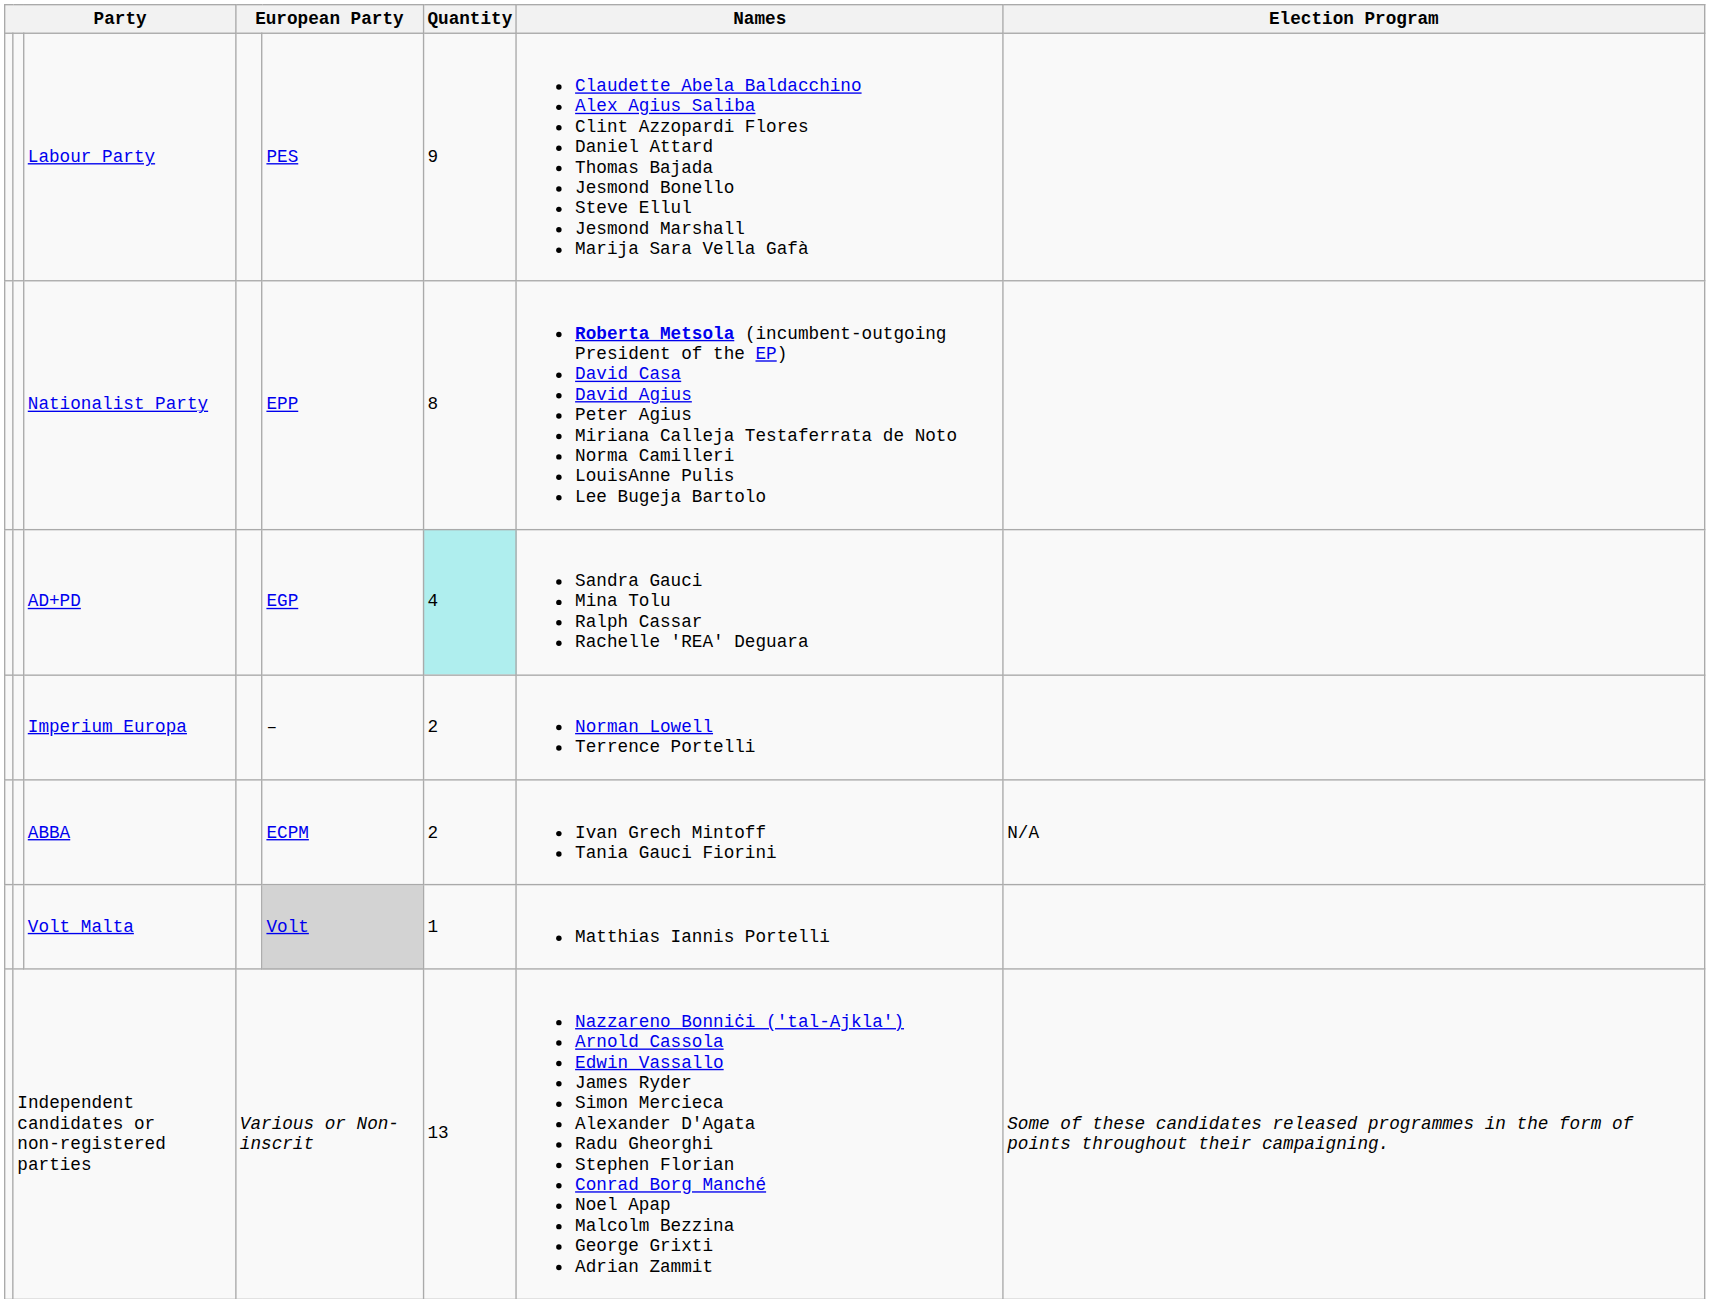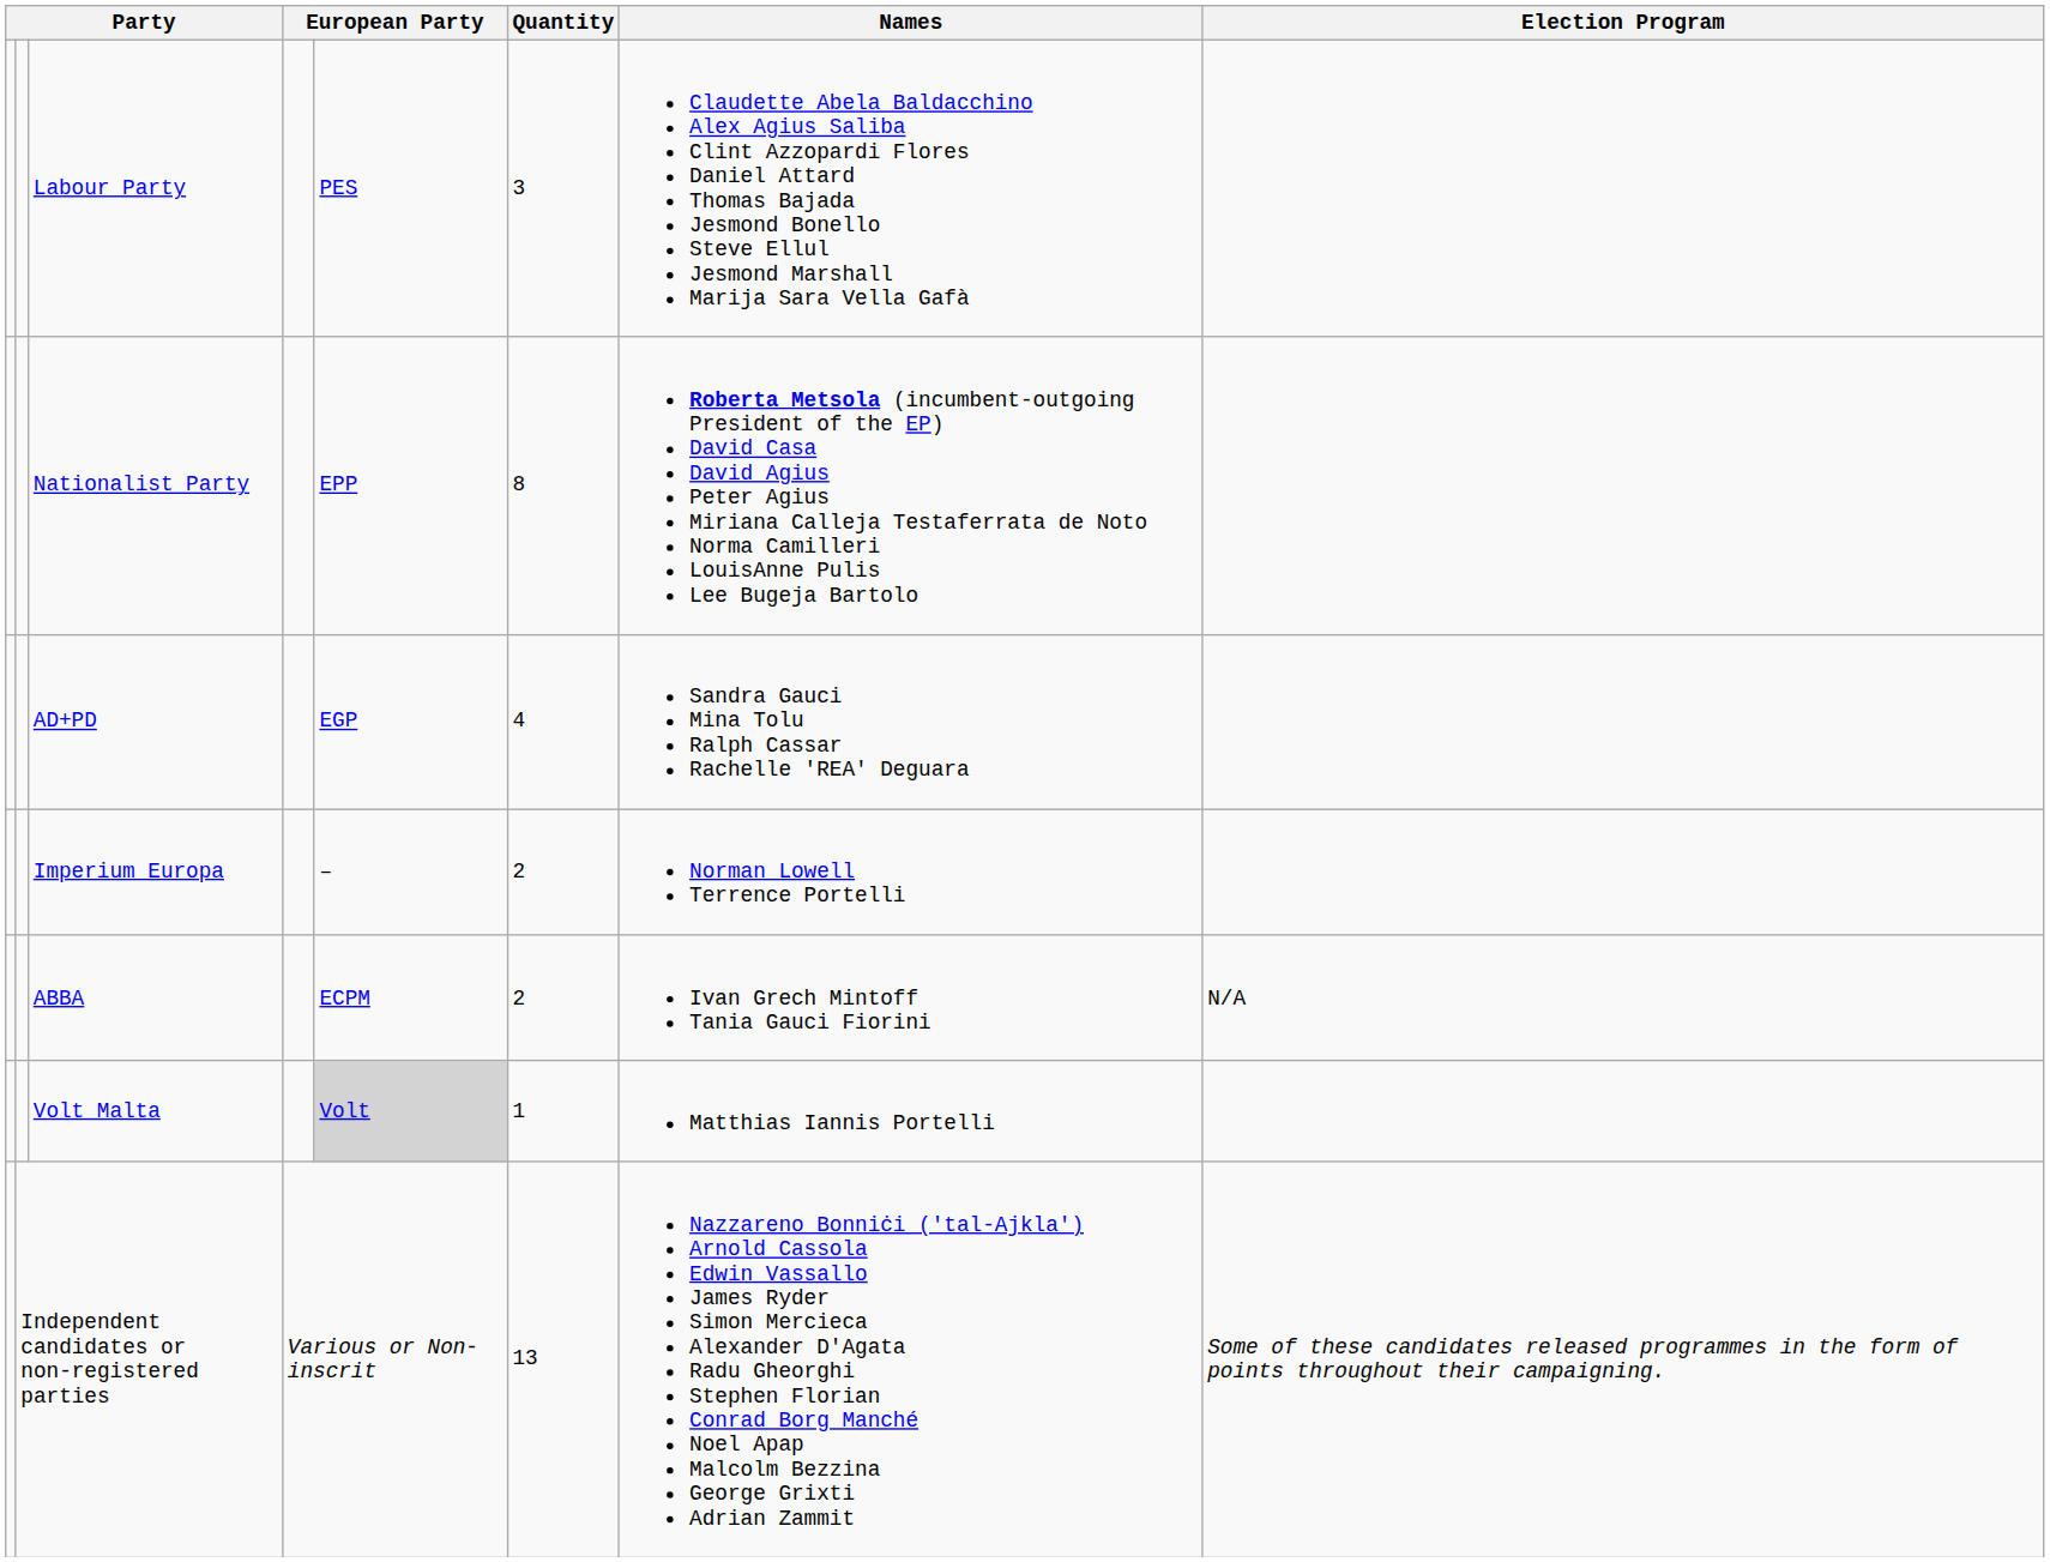 <table class="wikitable">
 <tr>
 <th colspan="3">Party</th>
 <th colspan="2">European Party</th>
 <th>Quantity</th>
 <th>Names</th>
 <th>Election Program</th>
 </tr>
 <tr>
 <td style="background:"></td>
 <td></td>
 <td><a href='#'>Labour Party</a></td>
 <td style="background:"></td>
 <td><a href='#'>PES</a></td>
-<td>9</td>
+<td>3</td>
 <td><br><ul><li><a href='#'>Claudette Abela Baldacchino</a></li><li><a href='#'>Alex Agius Saliba</a></li><li>Clint Azzopardi Flores</li><li>Daniel Attard</li><li>Thomas Bajada</li><li>Jesmond Bonello</li><li>Steve Ellul</li><li>Jesmond Marshall</li><li>Marija Sara Vella Gafà</li></ul></td>
 <td></td>
 </tr>
 <tr>
 <td style="background:"></td>
 <td></td>
 <td><a href='#'>Nationalist Party</a></td>
 <td style="background:"></td>
 <td><a href='#'>EPP</a></td>
 <td>8</td>
 <td><br><ul><li><strong><a href='#'>Roberta Metsola</a></strong> (incumbent-outgoing President of the <a href='#'>EP</a>)</li><li><a href='#'>David Casa</a></li><li><a href='#'>David Agius</a></li><li>Peter Agius</li><li>Miriana Calleja Testaferrata de Noto</li><li>Norma Camilleri</li><li>LouisAnne Pulis</li><li>Lee Bugeja Bartolo</li></ul></td>
 <td></td>
 </tr>
 <tr>
 <td style="background:"></td>
 <td></td>
 <td><a href='#'>AD+PD</a></td>
 <td style="background:"></td>
 <td><a href='#'>EGP</a></td>
-<td style="background: paleturquoise;">4</td>
+<td>4</td>
 <td><br><ul><li>Sandra Gauci</li><li>Mina Tolu</li><li>Ralph Cassar</li><li>Rachelle 'REA' Deguara</li></ul></td>
 <td></td>
 </tr>
 <tr>
 <td style="background:"></td>
 <td></td>
 <td><a href='#'>Imperium Europa</a></td>
 <td style="background:"></td>
 <td>–</td>
 <td>2</td>
 <td><br><ul><li><a href='#'>Norman Lowell</a></li><li>Terrence Portelli</li></ul></td>
 <td></td>
 </tr>
 <tr>
 <td style="background:"></td>
 <td></td>
 <td><a href='#'>ABBA</a></td>
 <td style="background:"></td>
 <td><a href='#'>ECPM</a></td>
 <td>2</td>
 <td><br><ul><li>Ivan Grech Mintoff</li><li>Tania Gauci Fiorini</li></ul></td>
 <td>N/A</td>
 </tr>
 <tr>
 <td style="background:"></td>
 <td></td>
 <td><a href='#'>Volt Malta</a></td>
 <td style="background:"></td>
 <td style="background: lightgrey;"><a href='#'>Volt</a></td>
 <td>1</td>
 <td><br><ul><li>Matthias Iannis Portelli</li></ul></td>
 <td></td>
 </tr>
 <tr>
 <td style="background:"></td>
 <td colspan="2">Independent candidates or<br>non-registered parties</td>
 <td colspan="2"><em>Various or Non-inscrit</em></td>
 <td>13</td>
 <td><br><ul><li><a href='#'>Nazzareno Bonniċi ('tal-Ajkla')</a></li><li><a href='#'>Arnold Cassola</a></li><li><a href='#'>Edwin Vassallo</a></li><li>James Ryder</li><li>Simon Mercieca</li><li>Alexander D'Agata</li><li>Radu Gheorghi</li><li>Stephen Florian</li><li><a href='#'>Conrad Borg Manché</a></li><li>Noel Apap</li><li>Malcolm Bezzina</li><li>George Grixti</li><li>Adrian Zammit</li></ul></td>
 <td><em>Some of these candidates released programmes in the form of points throughout their campaigning.</em></td>
 </tr>
 </table>
